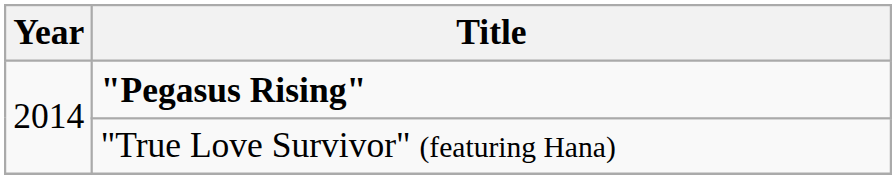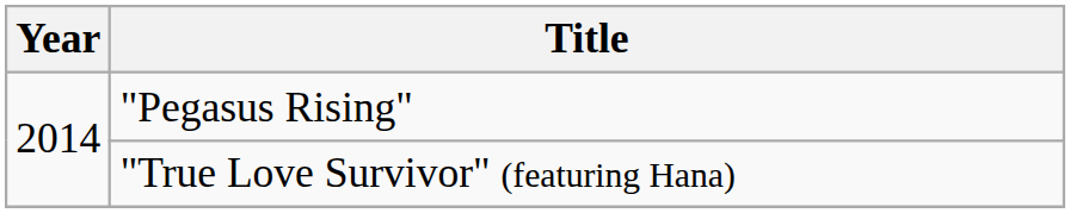 <table class="wikitable" style="text-align:center;">
 <tr>
 <th style="width:2em;">Year</th>
 <th style="width:22em;">Title</th>
 </tr>
 <tr>
 <td rowspan="2">2014</td>
-<td style="text-align:left;"><strong>"Pegasus Rising"</strong></td>
+<td style="text-align:left;">"Pegasus Rising"</td>
 </tr>
 <tr>
 <td style="text-align:left;">"True Love Survivor" <small>(featuring Hana)</small></td>
 </tr>
 <tr>
 </tr>
 </table>
